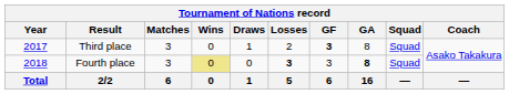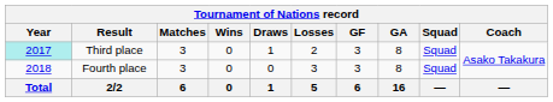 <table class="wikitable collapsible"  style="text-align:center;">
 <tr>
 <th colspan=10> <strong><a href='#'>Tournament of Nations</a> record</strong></th>
 </tr>
 <tr>
 <th width=85>Year</th>
 <th width=110>Result</th>
 <th>Matches</th>
 <th width=50>Wins</th>
 <th width=50>Draws</th>
 <th>Losses</th>
 <th width=50>GF</th>
 <th width=50>GA</th>
 <th>Squad</th>
 <th>Coach</th>
 </tr>
 <tr>
-<td><a href='#'>2017</a></td>
+<td style="background: paleturquoise;"><a href='#'>2017</a></td>
 <td>Third place</td>
 <td>3</td>
 <td>0</td>
 <td>1</td>
 <td>2</td>
-<td><strong>3</strong></td>
+<td>3</td>
 <td>8</td>
 <td><a href='#'>Squad</a></td>
 <td rowspan=2><a href='#'>Asako Takakura</a></td>
 </tr>
 <tr>
 <td><a href='#'>2018</a></td>
 <td>Fourth place</td>
 <td>3</td>
-<td style="background: khaki;">0</td>
 <td>0</td>
-<td><strong>3</strong></td>
+<td>0</td>
 <td>3</td>
-<td><strong>8</strong></td>
+<td>3</td>
+<td>8</td>
 <td><a href='#'>Squad</a></td>
 </tr>
 <tr class=sortbottom style="font-weight:bold;">
 <th><a href='#'>Total</a></th>
 <th>2/2</th>
 <th>6</th>
 <th>0</th>
 <th>1</th>
 <th>5</th>
 <th>6</th>
 <th>16</th>
 <th>—</th>
 <th>—</th>
 </tr>
 </table>
